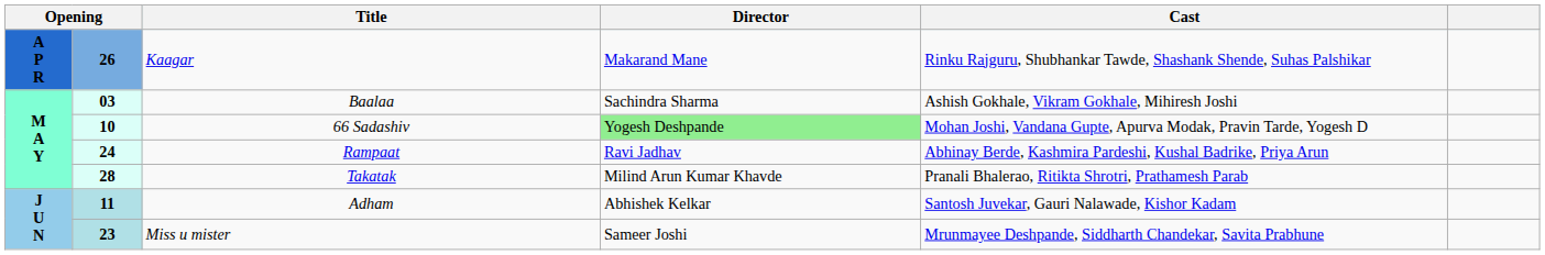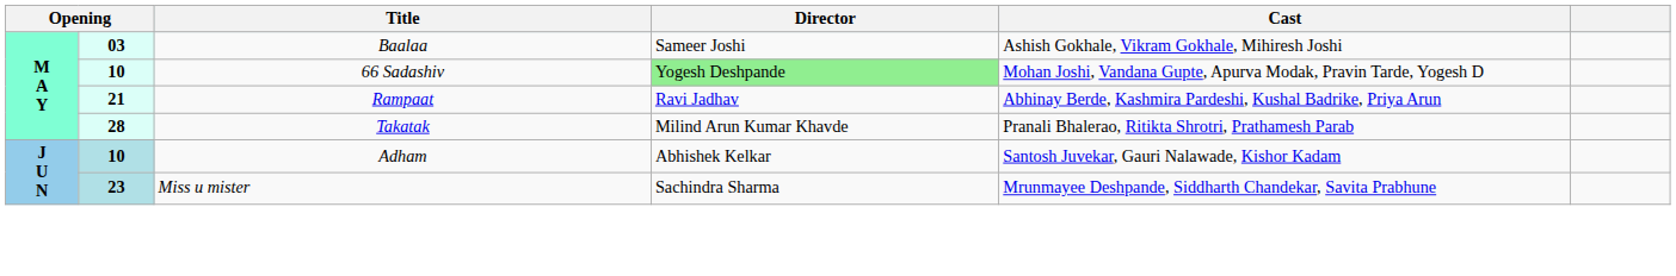 <table class="wikitable sortable">
 <tr style="background:#b0e0e6; text-align:center;">
 <th colspan="2" style="width:6%;"><strong>Opening</strong></th>
 <th style="width:20%;"><strong>Title</strong></th>
 <th style="width:14%;"><strong>Director</strong></th>
 <th style="width:23%;"><strong>Cast</strong></th>
 <th style="width:4%;"><strong></strong></th>
 </tr>
-<tr>
-<th rowspan="1" style="text-align:center; background:#246BCE; textcolor:#000;">A<br>P<br>R</th>
-<td rowspan="1" style="text-align:center; background:#76ABDF"><strong>26</strong></td>
-<td><em><a href='#'>Kaagar</a></em></td>
-<td><a href='#'>Makarand Mane</a></td>
-<td><a href='#'>Rinku Rajguru</a>, Shubhankar Tawde, <a href='#'>Shashank Shende</a>, <a href='#'>Suhas Palshikar</a></td>
-<td style="text-align:center"></td>
-</tr>
 <tr May!>
 <td rowspan="4" style="text-align:center; background:#7FFFD4; textcolor:#000;"><strong>M<br>A<br>Y</strong></td>
 <td rowspan="1" style="text-align:center; background:#dbfff8;"><strong>03</strong></td>
 <td style="text-align:center;"><em>Baalaa</em></td>
-<td>Sachindra Sharma</td>
+<td>Sameer Joshi</td>
 <td>Ashish Gokhale, <a href='#'>Vikram Gokhale</a>, Mihiresh Joshi</td>
 <td></td>
 </tr>
 <tr>
 <td rowspan="1" style="text-align:center; background:#dbfff8;"><strong>10</strong></td>
 <td style="text-align:center;"><em>66 Sadashiv </em></td>
 <td style="background: lightgreen;">Yogesh Deshpande</td>
 <td><a href='#'>Mohan Joshi</a>, <a href='#'>Vandana Gupte</a>, Apurva Modak, Pravin Tarde, Yogesh D</td>
 <td></td>
 </tr>
 <tr>
-<td rowspan="1" style="text-align:center; background:#dbfff8;"><strong>24</strong></td>
+<td rowspan="1" style="text-align:center; background:#dbfff8;"><strong>21</strong></td>
 <td style="text-align:center;"><em><a href='#'>Rampaat</a></em></td>
 <td><a href='#'>Ravi Jadhav</a></td>
 <td><a href='#'>Abhinay Berde</a>, <a href='#'>Kashmira Pardeshi</a>, <a href='#'>Kushal Badrike</a>, <a href='#'>Priya Arun</a></td>
 <td></td>
 </tr>
 <tr>
 <td rowspan="1" style="text-align:center; background:#dbfff8;"><strong>28</strong></td>
 <td style="text-align:center;"><em><a href='#'>Takatak</a></em></td>
 <td>Milind Arun Kumar Khavde</td>
 <td>Pranali Bhalerao, <a href='#'>Ritikta Shrotri</a>, <a href='#'>Prathamesh Parab</a></td>
 <td></td>
 </tr>
 <tr June!>
 <td rowspan="2" style="text-align:center; background:#93CCEA; textcolor:#000;"><strong>J<br>U<br>N</strong></td>
-<td rowspan="1" style="text-align:center; background:#B0E0E6;;"><strong>11</strong></td>
+<td rowspan="1" style="text-align:center; background:#B0E0E6;;"><strong>10</strong></td>
 <td style="text-align:center;"><em>Adham</em></td>
 <td>Abhishek Kelkar</td>
 <td><a href='#'>Santosh Juvekar</a>, Gauri Nalawade, <a href='#'>Kishor Kadam</a></td>
 <td></td>
 </tr>
 <tr>
 <td rowspan="1" style="text-align:center; background:#B0E0E6;;"><strong>23</strong></td>
 <td><em>Miss u mister</em></td>
-<td>Sameer Joshi</td>
+<td>Sachindra Sharma</td>
 <td><a href='#'>Mrunmayee Deshpande</a>, <a href='#'>Siddharth Chandekar</a>, <a href='#'>Savita Prabhune</a></td>
 <td></td>
 </tr>
 </table>
